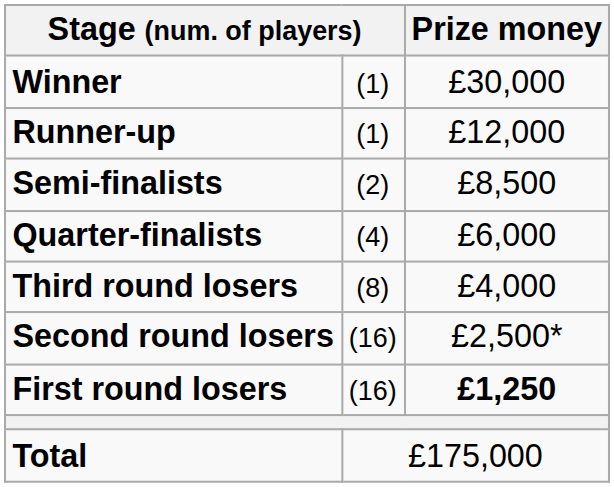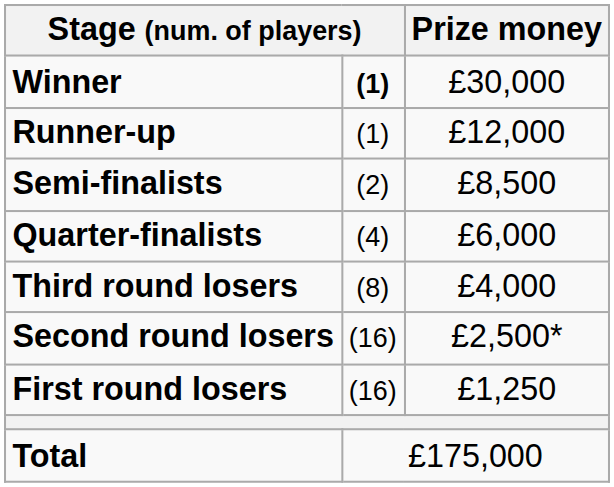 <table class="wikitable">
 <tr>
 <th colspan=2>Stage <small>(num. of players)</small></th>
 <th>Prize money</th>
 </tr>
 <tr>
 <td><strong>Winner</strong></td>
-<td align=center><small>(1)</small></td>
+<td align=center><strong><small>(1)</small></strong></td>
 <td align=center>£30,000</td>
 </tr>
 <tr>
 <td><strong>Runner-up</strong></td>
 <td align=center><small>(1)</small></td>
 <td align=center>£12,000</td>
 </tr>
 <tr>
 <td><strong>Semi-finalists</strong></td>
 <td align=center><small>(2)</small></td>
 <td align=center>£8,500</td>
 </tr>
 <tr>
 <td><strong>Quarter-finalists</strong></td>
 <td align=center><small>(4)</small></td>
 <td align=center>£6,000</td>
 </tr>
 <tr>
 <td><strong>Third round losers</strong></td>
 <td align=center><small>(8)</small></td>
 <td align=center>£4,000</td>
 </tr>
 <tr>
 <td><strong>Second round losers</strong></td>
 <td align=center><small>(16)</small></td>
 <td align=center>£2,500*</td>
 </tr>
 <tr>
 <td><strong>First round losers</strong></td>
 <td align=center><small>(16)</small></td>
-<td align=center><strong>£1,250</strong></td>
+<td align=center>£1,250</td>
 </tr>
 <tr>
 <th colspan=3></th>
 </tr>
 <tr>
 <td><strong>Total</strong></td>
 <td align=center colspan=2>£175,000</td>
 </tr>
 </table>
